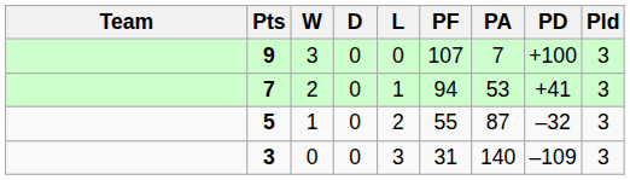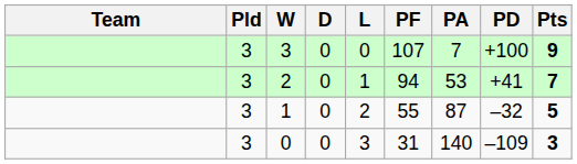 <table class="wikitable" style="text-align:center;">
 <tr>
 <th width=175>Team</th>
-<th width=25 abbr="Points">Pts</th>
+<th width=25 abbr="Played">Pld</th>
 <th width=25 abbr="Won">W</th>
 <th width=25 abbr="Drawn">D</th>
 <th width=25 abbr="Lost">L</th>
 <th width=32 abbr="Points for">PF</th>
 <th width=32 abbr="Points against">PA</th>
 <th width=32 abbr="Points difference">PD</th>
-<th width=25 abbr="Played">Pld</th>
+<th width=25 abbr="Points">Pts</th>
 </tr>
 <tr bgcolor=ccffcc>
 <td align=left></td>
-<td><strong>9</strong></td>
+<td>3</td>
 <td>3</td>
 <td>0</td>
 <td>0</td>
 <td>107</td>
 <td>7</td>
 <td>+100</td>
-<td>3</td>
+<td><strong>9</strong></td>
 </tr>
 <tr bgcolor=ccffcc>
 <td align=left></td>
-<td><strong>7</strong></td>
+<td>3</td>
 <td>2</td>
 <td>0</td>
 <td>1</td>
 <td>94</td>
 <td>53</td>
 <td>+41</td>
-<td>3</td>
+<td><strong>7</strong></td>
 </tr>
 <tr>
 <td align=left></td>
-<td><strong>5</strong></td>
+<td>3</td>
 <td>1</td>
 <td>0</td>
 <td>2</td>
 <td>55</td>
 <td>87</td>
 <td>–32</td>
-<td>3</td>
+<td><strong>5</strong></td>
 </tr>
 <tr>
 <td align=left></td>
-<td><strong>3</strong></td>
+<td>3</td>
 <td>0</td>
 <td>0</td>
 <td>3</td>
 <td>31</td>
 <td>140</td>
 <td>–109</td>
-<td>3</td>
+<td><strong>3</strong></td>
 </tr>
 </table>
